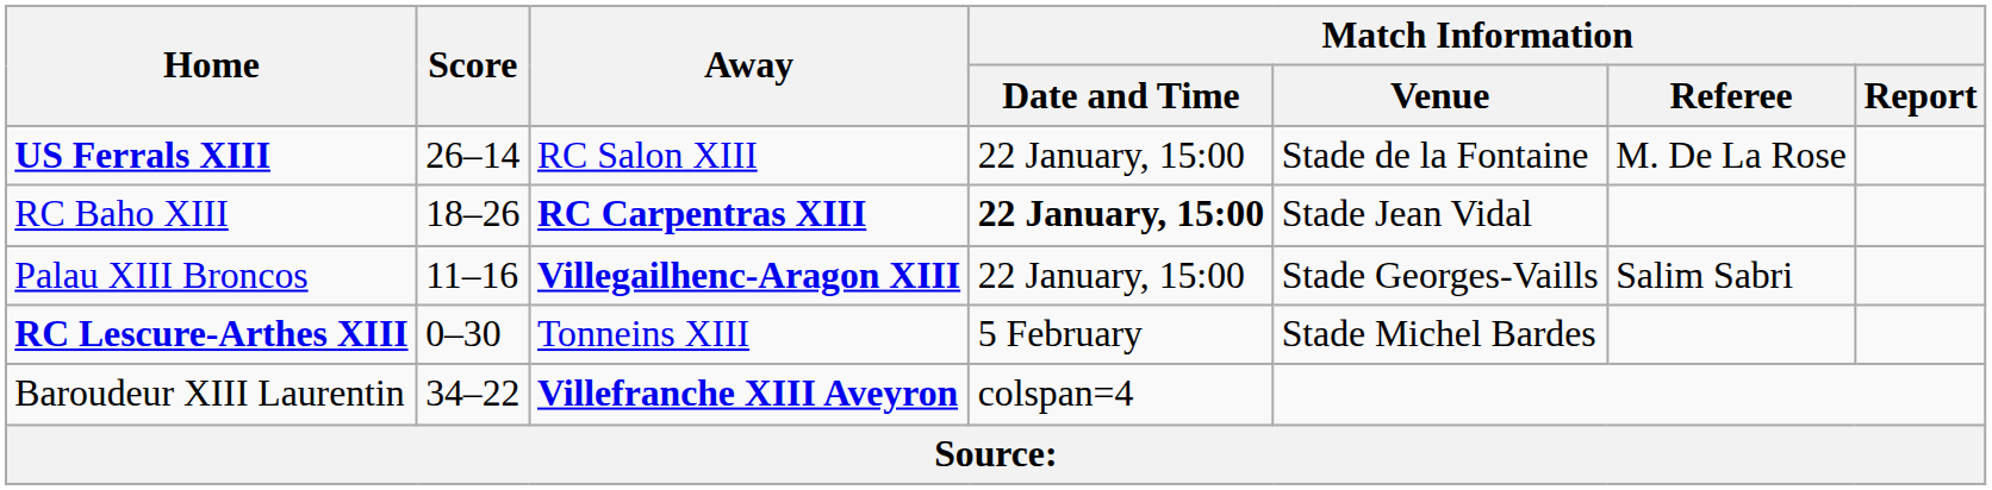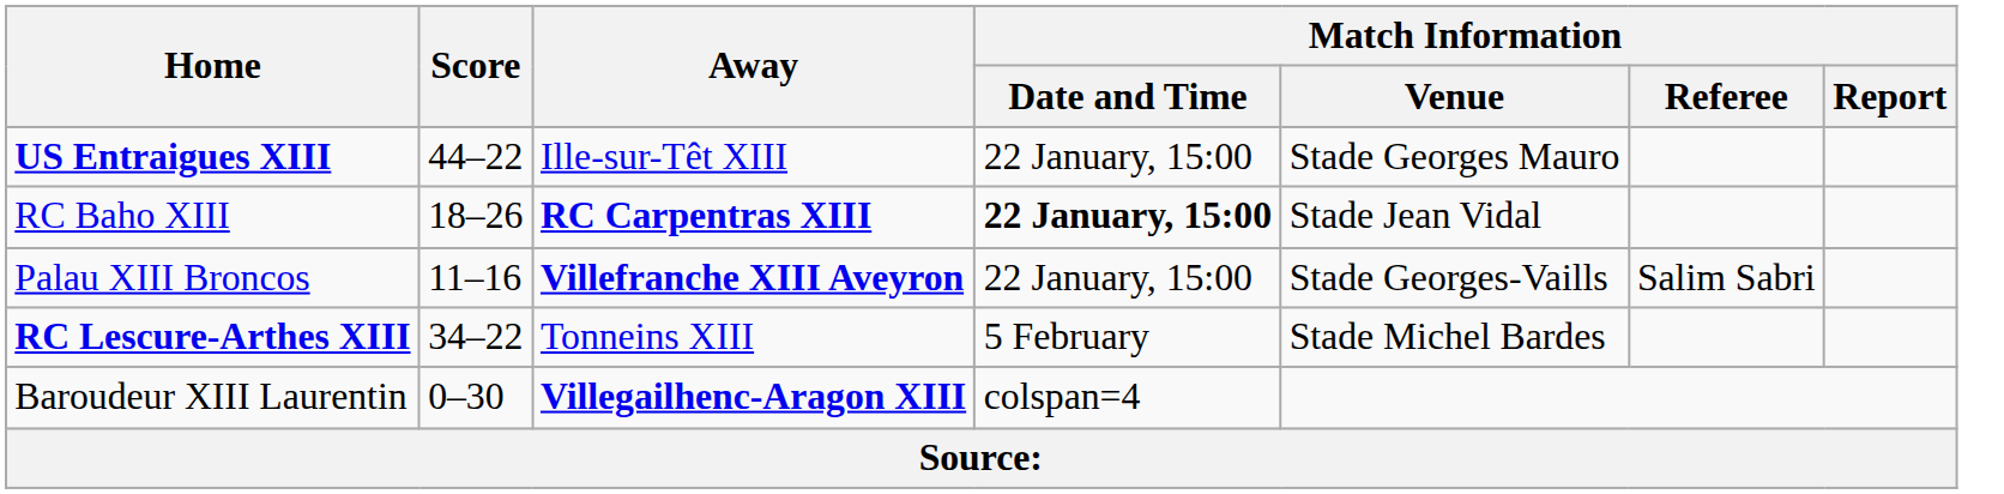 <table class="wikitable defaultcenter col1left col3left">
 <tr>
 <th scope="col" rowspan=2>Home</th>
 <th scope="col" rowspan=2>Score</th>
 <th scope="col" rowspan=2>Away</th>
 <th scope="col" colspan=4>Match Information</th>
 </tr>
 <tr>
 <th scope="col">Date and Time</th>
 <th scope="col">Venue</th>
 <th scope="col">Referee</th>
 <th scope="col">Report</th>
 </tr>
 <tr>
-<td><strong><a href='#'>US Ferrals XIII</a></strong></td>
-<td>26–14</td>
-<td> <a href='#'>RC Salon XIII</a></td>
+<td> <strong><a href='#'>US Entraigues XIII</a></strong></td>
+<td>44–22</td>
+<td> <a href='#'>Ille-sur-Têt XIII</a></td>
 <td>22 January, 15:00</td>
-<td>Stade de la Fontaine</td>
-<td>M. De La Rose</td>
+<td>Stade Georges Mauro</td>
+<td></td>
 <td></td>
 </tr>
 <tr>
 <td> <a href='#'>RC Baho XIII</a></td>
 <td>18–26</td>
 <td> <strong><a href='#'>RC Carpentras XIII</a></strong></td>
 <td><strong>22 January, 15:00</strong></td>
 <td>Stade Jean Vidal</td>
 <td></td>
 <td></td>
 </tr>
 <tr>
 <td><a href='#'>Palau XIII Broncos</a></td>
 <td>11–16</td>
-<td> <strong><a href='#'>Villegailhenc-Aragon XIII</a></strong></td>
+<td> <strong><a href='#'>Villefranche XIII Aveyron</a></strong></td>
 <td>22 January, 15:00</td>
 <td>Stade Georges-Vaills</td>
 <td>Salim Sabri</td>
 <td></td>
 </tr>
 <tr>
 <td> <strong><a href='#'>RC Lescure-Arthes XIII</a></strong></td>
-<td>0–30</td>
+<td>34–22</td>
 <td> <a href='#'>Tonneins XIII</a></td>
 <td>5 February</td>
 <td>Stade Michel Bardes</td>
 <td></td>
 <td></td>
 </tr>
 <tr>
 <td>Baroudeur XIII Laurentin</td>
-<td>34–22</td>
-<td> <strong><a href='#'>Villefranche XIII Aveyron</a></strong></td>
+<td>0–30</td>
+<td> <strong><a href='#'>Villegailhenc-Aragon XIII</a></strong></td>
 <td>colspan=4 </td>
 </tr>
 <tr>
 <th colspan=7>Source:</th>
 </tr>
 </table>
